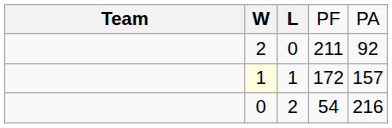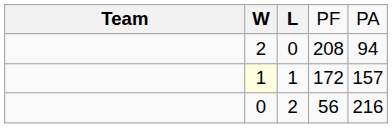 <table class="wikitable" style="text-align:center">
 <tr>
 <th width=200>Team</th>
 <th width=20>W</th>
 <th width=20>L</th>
 <td !width=20>PF</td>
 <td !width=20>PA</td>
 </tr>
 <tr>
 <td style="text-align:left;"></td>
 <td>2</td>
 <td>0</td>
-<td>211</td>
-<td>92</td>
+<td>208</td>
+<td>94</td>
 </tr>
 <tr>
 <td style="text-align:left;"></td>
 <td style="background: lightyellow;">1</td>
 <td>1</td>
 <td>172</td>
 <td>157</td>
 </tr>
 <tr>
 <td style="text-align:left;"></td>
 <td>0</td>
 <td>2</td>
-<td>54</td>
+<td>56</td>
 <td>216</td>
 </tr>
 </table>
